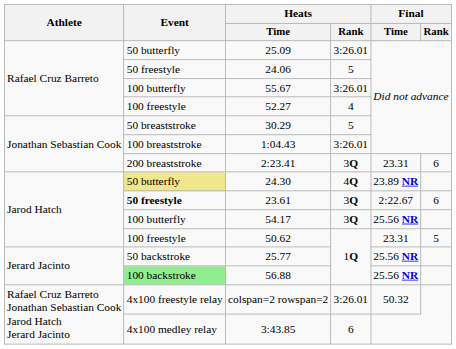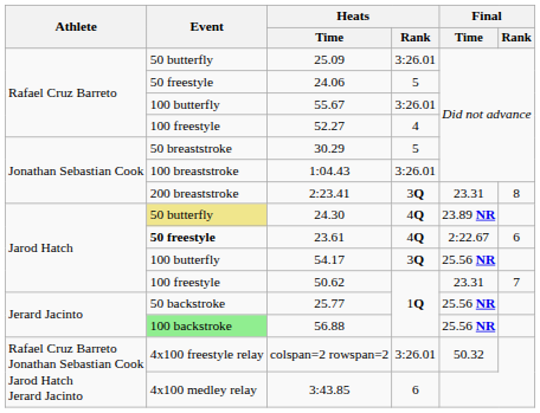 <table class="wikitable" style="font-size:90%">
 <tr>
 <th rowspan=2>Athlete</th>
 <th rowspan=2>Event</th>
 <th colspan=2>Heats</th>
 <th colspan=2>Final</th>
 </tr>
 <tr style="font-size:95%">
 <th>Time</th>
 <th>Rank</th>
 <th>Time</th>
 <th>Rank</th>
 </tr>
 <tr align=center>
 <td align=left rowspan=4>Rafael Cruz Barreto</td>
 <td align=left>50 butterfly</td>
 <td>25.09</td>
 <td>3:26.01</td>
 <td colspan=2 rowspan=6><em>Did not advance</em></td>
 </tr>
 <tr align=center>
 <td align=left>50 freestyle</td>
 <td>24.06</td>
 <td>5</td>
 </tr>
 <tr align=center>
 <td align=left>100 butterfly</td>
 <td>55.67</td>
 <td>3:26.01</td>
 </tr>
 <tr align=center>
 <td align=left>100 freestyle</td>
 <td>52.27</td>
 <td>4</td>
 </tr>
 <tr align=center>
 <td align=left rowspan=3>Jonathan Sebastian Cook</td>
 <td align=left>50 breaststroke</td>
 <td>30.29</td>
 <td>5</td>
 </tr>
 <tr align=center>
 <td align=left>100 breaststroke</td>
 <td>1:04.43</td>
 <td>3:26.01</td>
 </tr>
 <tr align=center>
 <td align=left>200 breaststroke</td>
 <td>2:23.41</td>
 <td>3<strong>Q</strong></td>
 <td>23.31</td>
-<td>6</td>
+<td>8</td>
 </tr>
 <tr align=center>
 <td align=left rowspan=4>Jarod Hatch</td>
 <td align=left style="background: khaki;">50 butterfly</td>
 <td>24.30</td>
 <td>4<strong>Q</strong></td>
 <td>23.89 <strong><a href='#'>NR</a></strong></td>
 <td></td>
 </tr>
 <tr align=center>
 <td align=left><strong>50 freestyle</strong></td>
 <td>23.61</td>
-<td>3<strong>Q</strong></td>
+<td>4<strong>Q</strong></td>
 <td>2:22.67</td>
 <td>6</td>
 </tr>
 <tr align=center>
 <td align=left>100 butterfly</td>
 <td>54.17</td>
 <td>3<strong>Q</strong></td>
 <td>25.56 <strong><a href='#'>NR</a></strong></td>
 <td></td>
 </tr>
 <tr align=center>
 <td align=left>100 freestyle</td>
 <td>50.62</td>
 <td rowspan=3>1<strong>Q</strong></td>
 <td>23.31</td>
-<td>5</td>
+<td>7</td>
 </tr>
 <tr align=center>
 <td align=left rowspan=2>Jerard Jacinto</td>
 <td align=left>50 backstroke</td>
 <td>25.77</td>
 <td>25.56 <strong><a href='#'>NR</a></strong></td>
 <td></td>
 </tr>
 <tr align=center>
 <td align=left style="background: lightgreen;">100 backstroke</td>
 <td>56.88</td>
 <td>25.56 <strong><a href='#'>NR</a></strong></td>
 <td></td>
 </tr>
 <tr align=center>
 <td align=left rowspan=2>Rafael Cruz Barreto<br>Jonathan Sebastian Cook<br>Jarod Hatch<br>Jerard Jacinto</td>
 <td align=left>4x100 freestyle relay</td>
 <td>colspan=2 rowspan=2 </td>
 <td>3:26.01</td>
 <td>50.32</td>
 </tr>
 <tr align=center>
 <td align=left>4x100 medley relay</td>
 <td>3:43.85</td>
 <td>6</td>
 </tr>
 </table>
